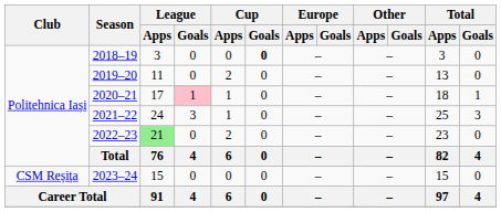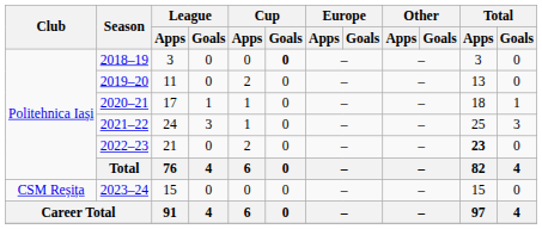 <table class="wikitable" style="font-size:100%; text-align: center;">
 <tr>
 <th rowspan="2">Club</th>
 <th rowspan="2">Season</th>
 <th colspan="2">League</th>
 <th colspan="2">Cup</th>
 <th colspan="2">Europe</th>
 <th colspan="2">Other</th>
 <th colspan="2">Total</th>
 </tr>
 <tr>
 <th>Apps</th>
 <th>Goals</th>
 <th>Apps</th>
 <th>Goals</th>
 <th>Apps</th>
 <th>Goals</th>
 <th>Apps</th>
 <th>Goals</th>
 <th>Apps</th>
 <th>Goals</th>
 </tr>
 <tr>
 <td rowspan="6"><a href='#'>Politehnica Iași</a></td>
 <td><a href='#'>2018–19</a></td>
 <td>3</td>
 <td>0</td>
 <td>0</td>
 <td><strong>0</strong></td>
 <td colspan="2">–</td>
 <td colspan="2">–</td>
 <td>3</td>
 <td>0</td>
 </tr>
 <tr>
 <td><a href='#'>2019–20</a></td>
 <td>11</td>
 <td>0</td>
 <td>2</td>
 <td>0</td>
 <td colspan="2">–</td>
 <td colspan="2">–</td>
 <td>13</td>
 <td>0</td>
 </tr>
 <tr>
 <td><a href='#'>2020–21</a></td>
 <td>17</td>
-<td style="background: pink;">1</td>
+<td>1</td>
 <td>1</td>
 <td>0</td>
 <td colspan="2">–</td>
 <td colspan="2">–</td>
 <td>18</td>
 <td>1</td>
 </tr>
 <tr>
 <td><a href='#'>2021–22</a></td>
 <td>24</td>
 <td>3</td>
 <td>1</td>
 <td>0</td>
 <td colspan="2">–</td>
 <td colspan="2">–</td>
 <td>25</td>
 <td>3</td>
 </tr>
 <tr>
 <td><a href='#'>2022–23</a></td>
-<td style="background: lightgreen;">21</td>
+<td>21</td>
 <td>0</td>
 <td>2</td>
 <td>0</td>
 <td colspan="2">–</td>
 <td colspan="2">–</td>
-<td>23</td>
+<td><strong>23</strong></td>
 <td>0</td>
 </tr>
 <tr>
 <th colspan="1">Total</th>
 <th>76</th>
 <th>4</th>
 <th>6</th>
 <th>0</th>
 <th colspan="2">–</th>
 <th colspan="2">–</th>
 <th>82</th>
 <th>4</th>
 </tr>
 <tr>
 <td rowspan="1"><a href='#'>CSM Reșița</a></td>
 <td><a href='#'>2023–24</a></td>
 <td>15</td>
 <td>0</td>
 <td>0</td>
 <td>0</td>
 <td colspan="2">–</td>
 <td colspan="2">–</td>
 <td>15</td>
 <td>0</td>
 </tr>
 <tr>
 <th colspan="2">Career Total</th>
 <th>91</th>
 <th>4</th>
 <th>6</th>
 <th>0</th>
 <th colspan="2">–</th>
 <th colspan="2">–</th>
 <th>97</th>
 <th>4</th>
 </tr>
 <tr>
 </tr>
 </table>
